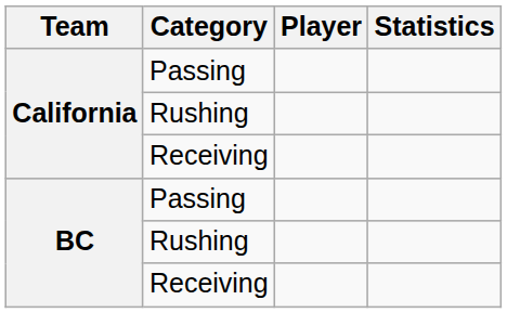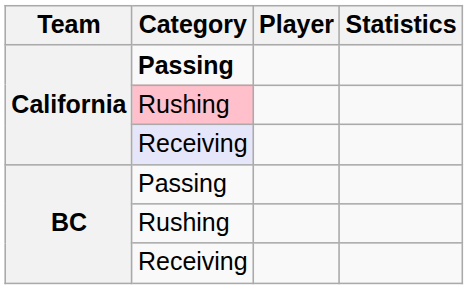 <table class="wikitable" style="float:right">
 <tr>
 <th>Team</th>
 <th>Category</th>
 <th>Player</th>
 <th>Statistics</th>
 </tr>
 <tr>
 <th rowspan=3>California</th>
-<td>Passing</td>
+<td><strong>Passing</strong></td>
 <td></td>
 <td></td>
 </tr>
 <tr>
-<td>Rushing</td>
+<td style="background: pink;">Rushing</td>
 <td></td>
 <td></td>
 </tr>
 <tr>
-<td>Receiving</td>
+<td style="background: lavender;">Receiving</td>
 <td></td>
 <td></td>
 </tr>
 <tr>
 <th rowspan=3>BC</th>
 <td>Passing</td>
 <td></td>
 <td></td>
 </tr>
 <tr>
 <td>Rushing</td>
 <td></td>
 <td></td>
 </tr>
 <tr>
 <td>Receiving</td>
 <td></td>
 <td></td>
 </tr>
 </table>
